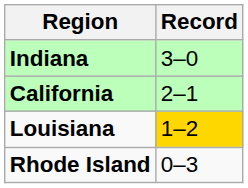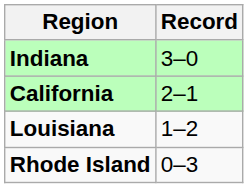 <table class="wikitable">
 <tr>
 <th>Region</th>
 <th>Record</th>
 </tr>
 <tr bgcolor=#bbffbb>
 <td><strong>Indiana</strong></td>
 <td>3–0</td>
 </tr>
 <tr bgcolor=#bbffbb>
 <td><strong>California</strong></td>
 <td>2–1</td>
 </tr>
 <tr>
 <td><strong>Louisiana</strong></td>
-<td style="background: gold;">1–2</td>
+<td>1–2</td>
 </tr>
 <tr>
 <td><strong>Rhode Island</strong></td>
 <td>0–3</td>
 </tr>
 </table>
